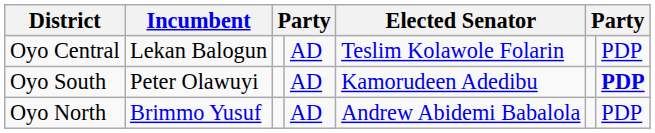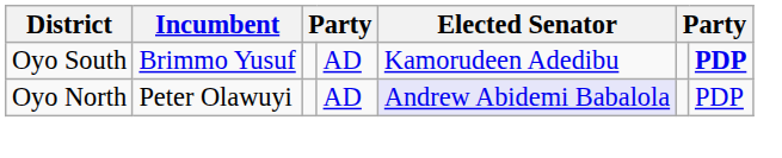 <table class="sortable wikitable" style="font-size:95%;line-height:14px;">
 <tr>
 <th class="unsortable">District</th>
 <th class="unsortable"><a href='#'>Incumbent</a></th>
 <th colspan="2">Party</th>
 <th class="unsortable">Elected Senator</th>
 <th colspan="2">Party</th>
 </tr>
 <tr>
-<td>Oyo Central</td>
-<td>Lekan Balogun</td>
-<td style="background:"></td>
-<td><a href='#'>AD</a></td>
-<td><a href='#'>Teslim Kolawole Folarin</a></td>
-<td style="background:"></td>
-<td><a href='#'>PDP</a></td>
-</tr>
-<tr>
 <td>Oyo South</td>
-<td>Peter Olawuyi</td>
+<td><a href='#'>Brimmo Yusuf</a></td>
 <td style="background:"></td>
 <td><a href='#'>AD</a></td>
 <td><a href='#'>Kamorudeen Adedibu</a></td>
 <td style="background:"></td>
 <td><strong><a href='#'>PDP</a></strong></td>
 </tr>
 <tr>
 <td>Oyo North</td>
-<td><a href='#'>Brimmo Yusuf</a></td>
+<td>Peter Olawuyi</td>
 <td style="background:"></td>
 <td><a href='#'>AD</a></td>
-<td><a href='#'>Andrew Abidemi Babalola</a></td>
+<td style="background: lavender;"><a href='#'>Andrew Abidemi Babalola</a></td>
 <td style="background:"></td>
 <td><a href='#'>PDP</a></td>
 </tr>
 </table>
